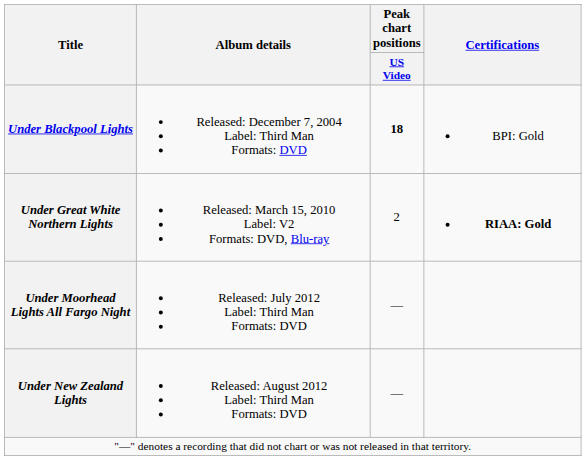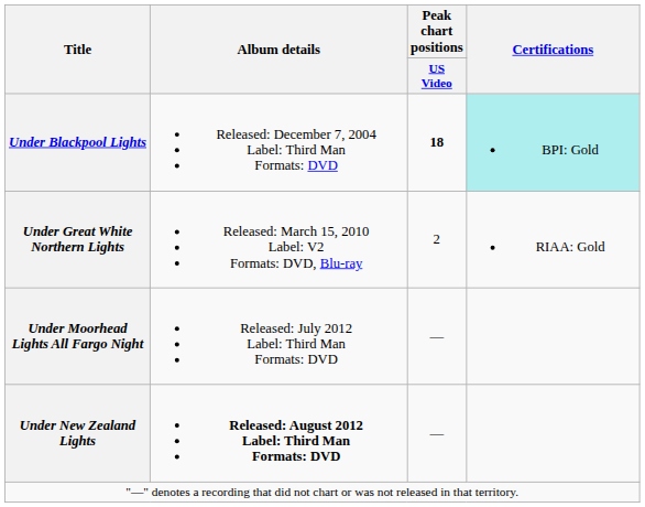 <table class="wikitable plainrowheaders" style="text-align:center;">
 <tr>
 <th scope="col" rowspan="2" style="width:10em;">Title</th>
 <th scope="col" rowspan="2" style="width:18em;">Album details</th>
 <th scope="col">Peak chart positions</th>
 <th scope="col" rowspan="2" style="width:12em;"><a href='#'>Certifications</a></th>
 </tr>
 <tr>
 <th scope="col" style="width:3em;font-size:90%;"><a href='#'>US<br>Video</a><br></th>
 </tr>
 <tr>
 <th scope="row"><em><a href='#'>Under Blackpool Lights</a></em></th>
 <td><br><ul><li>Released: December 7, 2004</li><li>Label: Third Man</li><li>Formats: <a href='#'>DVD</a></li></ul></td>
 <td><strong>18</strong></td>
-<td><br><ul><li>BPI: Gold</li></ul></td>
+<td style="background: paleturquoise;"><br><ul><li>BPI: Gold</li></ul></td>
 </tr>
 <tr>
 <th scope="row"><em>Under Great White Northern Lights</em></th>
 <td><br><ul><li>Released: March 15, 2010</li><li>Label: V2</li><li>Formats: DVD, <a href='#'>Blu-ray</a></li></ul></td>
 <td>2</td>
-<td><strong><br><ul><li>RIAA: Gold</li></ul></strong></td>
+<td><br><ul><li>RIAA: Gold</li></ul></td>
 </tr>
 <tr>
 <th scope="row"><em>Under Moorhead Lights All Fargo Night</em></th>
 <td><br><ul><li>Released: July 2012</li><li>Label: Third Man</li><li>Formats: DVD</li></ul></td>
 <td>—</td>
 <td></td>
 </tr>
 <tr>
 <th scope="row"><em>Under New Zealand Lights</em></th>
-<td><br><ul><li>Released: August 2012</li><li>Label: Third Man</li><li>Formats: DVD</li></ul></td>
+<td><strong><br><ul><li>Released: August 2012</li><li>Label: Third Man</li><li>Formats: DVD</li></ul></strong></td>
 <td>—</td>
 <td></td>
 </tr>
 <tr>
 <td colspan="4" style="font-size:90%">"—" denotes a recording that did not chart or was not released in that territory.</td>
 </tr>
 </table>
